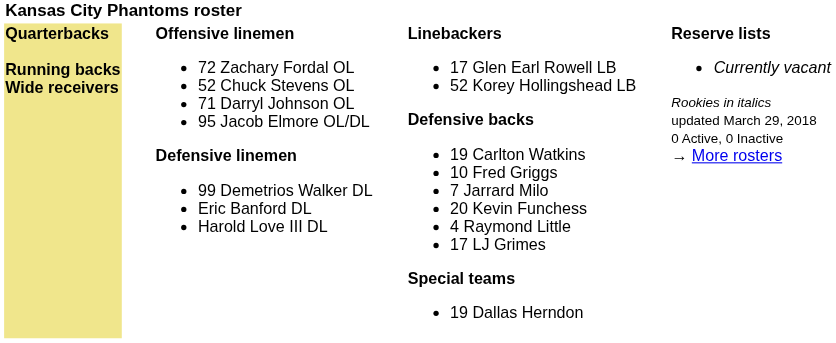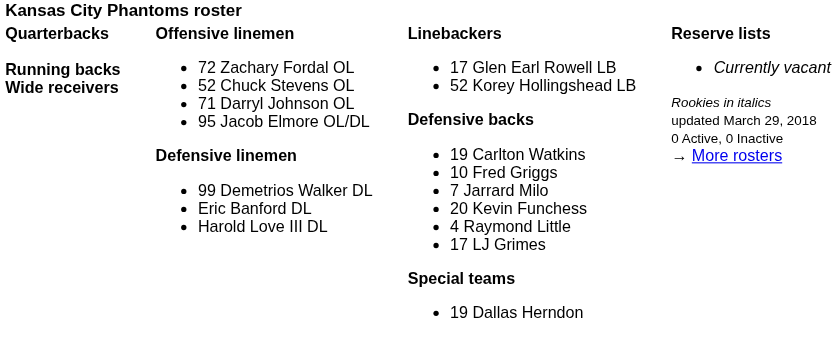 <table class="toccolours" style="text-align: left;">
 <tr>
 <th colspan="7">Kansas City Phantoms roster</th>
 </tr>
 <tr>
-<td style="background: khaki; font-size: 95%;vertical-align:top;"><strong>Quarterbacks</strong><br> <br><strong>Running backs</strong>  <br><strong>Wide receivers</strong>     </td>
+<td style="font-size: 95%;vertical-align:top;"><strong>Quarterbacks</strong><br> <br><strong>Running backs</strong>  <br><strong>Wide receivers</strong>     </td>
 <td style="width: 25px;"></td>
 <td style="font-size: 95%;vertical-align:top;"><strong>Offensive linemen</strong><br><ul><li>72 Zachary Fordal OL</li><li>52 Chuck Stevens OL</li><li>71 Darryl Johnson OL</li><li>95 Jacob Elmore OL/DL</li></ul><strong>Defensive linemen</strong><ul><li>99 Demetrios Walker DL</li><li>Eric Banford DL</li><li>Harold Love III DL</li></ul></td>
 <td style="width: 25px;"></td>
 <td style="font-size: 95%;vertical-align:top;"><strong>Linebackers</strong><br><ul><li>17 Glen Earl Rowell LB</li><li>52 Korey Hollingshead LB</li></ul><strong>Defensive backs</strong><ul><li>19 Carlton Watkins</li><li>10 Fred Griggs</li><li>7 Jarrard Milo</li><li>20 Kevin Funchess</li><li>4 Raymond Little</li><li>17 LJ Grimes</li></ul><strong>Special teams</strong><ul><li>19 Dallas Herndon</li></ul></td>
 <td style="width: 25px;"></td>
 <td style="font-size: 95%;vertical-align:top;"><strong>Reserve lists</strong><br><ul><li><em>Currently vacant</em></li></ul><small><em>Rookies in italics</em></small><br> <small> updated March 29, 2018</small><br> <small>0 Active, 0 Inactive</small><br>→ <a href='#'>More rosters</a></td>
 </tr>
 </table>
